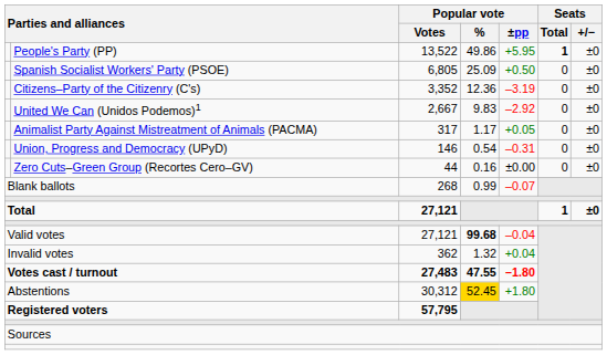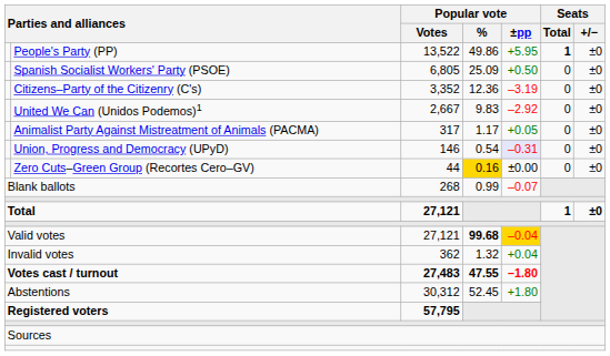 <table class="wikitable" style="text-align:right;">
 <tr>
 <th style="text-align:left;" rowspan="2" colspan="2" width="525">Parties and alliances</th>
 <th colspan="3">Popular vote</th>
 <th colspan="2">Seats</th>
 </tr>
 <tr>
 <th width="75">Votes</th>
 <th width="45">%</th>
 <th width="45">±<a href='#'>pp</a></th>
 <th width="35">Total</th>
 <th width="35">+/−</th>
 </tr>
 <tr>
 <td width="1" style="color:inherit;background:"></td>
 <td align="left"><a href='#'>People's Party</a> (PP)</td>
 <td>13,522</td>
 <td>49.86</td>
 <td style="color:green;">+5.95</td>
 <td><strong>1</strong></td>
 <td>±0</td>
 </tr>
 <tr>
 <td style="color:inherit;background:"></td>
 <td align="left"><a href='#'>Spanish Socialist Workers' Party</a> (PSOE)</td>
 <td>6,805</td>
 <td>25.09</td>
 <td style="color:green;">+0.50</td>
 <td>0</td>
 <td>±0</td>
 </tr>
 <tr>
 <td style="color:inherit;background:"></td>
 <td align="left"><a href='#'>Citizens–Party of the Citizenry</a> (C's)</td>
 <td>3,352</td>
 <td>12.36</td>
 <td style="color:red;">–3.19</td>
 <td>0</td>
 <td>±0</td>
 </tr>
 <tr>
 <td style="color:inherit;background:"></td>
 <td align="left"><a href='#'>United We Can</a> (Unidos Podemos)<sup>1</sup></td>
 <td>2,667</td>
 <td>9.83</td>
 <td style="color:red;">–2.92</td>
 <td>0</td>
 <td>±0</td>
 </tr>
 <tr>
 <td style="color:inherit;background:"></td>
 <td align="left"><a href='#'>Animalist Party Against Mistreatment of Animals</a> (PACMA)</td>
 <td>317</td>
 <td>1.17</td>
 <td style="color:green;">+0.05</td>
 <td>0</td>
 <td>±0</td>
 </tr>
 <tr>
 <td style="color:inherit;background:"></td>
 <td align="left"><a href='#'>Union, Progress and Democracy</a> (UPyD)</td>
 <td>146</td>
 <td>0.54</td>
-<td style="color:red;">–0.31</td>
+<td style="background: lavender; color:red;">–0.31</td>
 <td>0</td>
 <td>±0</td>
 </tr>
 <tr>
 <td style="color:inherit;background:"></td>
 <td align="left"><a href='#'>Zero Cuts</a>–<a href='#'>Green Group</a> (Recortes Cero–GV)</td>
 <td>44</td>
-<td>0.16</td>
+<td style="background: gold;">0.16</td>
 <td>±0.00</td>
 <td>0</td>
 <td>±0</td>
 </tr>
 <tr>
 <td align="left" colspan="2">Blank ballots</td>
 <td>268</td>
 <td>0.99</td>
 <td style="color:red;">–0.07</td>
 <td bgcolor="#E9E9E9" colspan="2"></td>
 </tr>
 <tr>
 <td colspan="7" bgcolor="#E9E9E9"></td>
 </tr>
 <tr style="font-weight:bold;">
 <td align="left" colspan="2">Total</td>
 <td>27,121</td>
 <td bgcolor="#E9E9E9" colspan="2"></td>
 <td>1</td>
 <td>±0</td>
 </tr>
 <tr>
 <td colspan="7" bgcolor="#E9E9E9"></td>
 </tr>
 <tr>
 <td align="left" colspan="2">Valid votes</td>
 <td>27,121</td>
 <td><strong>99.68</strong></td>
-<td style="color:red;">–0.04</td>
+<td style="background: gold; color:red;">–0.04</td>
 <td bgcolor="#E9E9E9" colspan="2" rowspan="5"></td>
 </tr>
 <tr>
 <td align="left" colspan="2">Invalid votes</td>
 <td>362</td>
 <td>1.32</td>
 <td style="color:green;">+0.04</td>
 </tr>
 <tr style="font-weight:bold;">
 <td align="left" colspan="2">Votes cast / turnout</td>
 <td>27,483</td>
 <td>47.55</td>
 <td style="color:red;">–1.80</td>
 </tr>
 <tr>
 <td align="left" colspan="2">Abstentions</td>
 <td>30,312</td>
-<td style="background: gold;">52.45</td>
+<td>52.45</td>
 <td style="color:green;">+1.80</td>
 </tr>
 <tr style="font-weight:bold;">
 <td align="left" colspan="2">Registered voters</td>
 <td>57,795</td>
 <td bgcolor="#E9E9E9" colspan="2"></td>
 </tr>
 <tr>
 <td colspan="7" bgcolor="#E9E9E9"></td>
 </tr>
 <tr>
 <td align="left" colspan="7">Sources</td>
 </tr>
 <tr>
 <td colspan="7" style="text-align:left; max-width:790px;"></td>
 </tr>
 </table>
